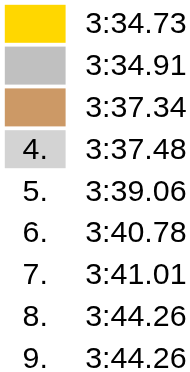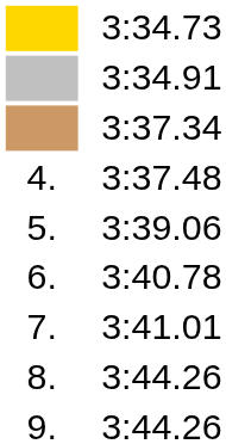 <table style="text-align:center">
 <tr>
 <td width=30 bgcolor=gold></td>
 <td align=left></td>
 <td width=60>3:34.73</td>
 </tr>
 <tr>
 <td bgcolor=silver></td>
 <td align=left></td>
 <td>3:34.91</td>
 </tr>
 <tr>
 <td bgcolor=cc9966></td>
 <td align=left></td>
 <td>3:37.34</td>
 </tr>
 <tr>
-<td style="background: lightgrey;">4.</td>
+<td>4.</td>
 <td align=left></td>
 <td>3:37.48</td>
 </tr>
 <tr>
 <td>5.</td>
 <td align=left></td>
 <td>3:39.06</td>
 </tr>
 <tr>
 <td>6.</td>
 <td align=left></td>
 <td>3:40.78</td>
 </tr>
 <tr>
 <td>7.</td>
 <td align=left></td>
 <td>3:41.01</td>
 </tr>
 <tr>
 <td>8.</td>
 <td align=left></td>
 <td>3:44.26</td>
 </tr>
 <tr>
 <td>9.</td>
 <td align=left></td>
 <td>3:44.26</td>
 </tr>
 </table>
